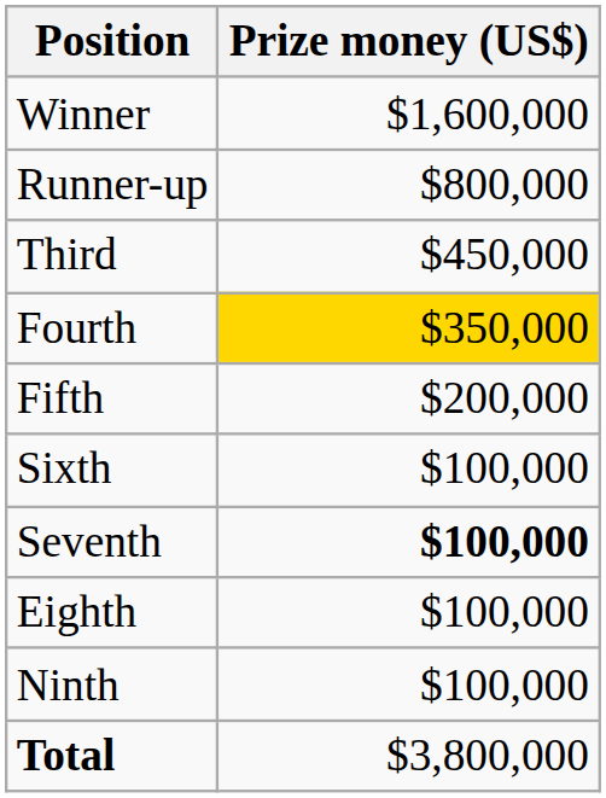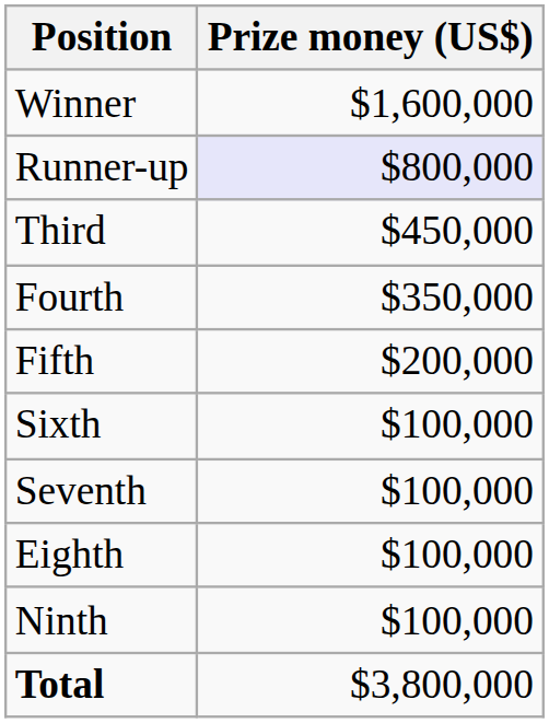 <table class="wikitable">
 <tr>
 <th>Position</th>
 <th>Prize money (US$)</th>
 </tr>
 <tr>
 <td>Winner</td>
 <td align="right">$1,600,000</td>
 </tr>
 <tr>
 <td>Runner-up</td>
-<td align="right">$800,000</td>
+<td align="right" style="background: lavender;">$800,000</td>
 </tr>
 <tr>
 <td>Third</td>
 <td align="right">$450,000</td>
 </tr>
 <tr>
 <td>Fourth</td>
-<td align="right" style="background: gold;">$350,000</td>
+<td align="right">$350,000</td>
 </tr>
 <tr>
 <td>Fifth</td>
 <td align="right">$200,000</td>
 </tr>
 <tr>
 <td>Sixth</td>
 <td align="right">$100,000</td>
 </tr>
 <tr>
 <td>Seventh</td>
-<td align="right"><strong>$100,000</strong></td>
+<td align="right">$100,000</td>
 </tr>
 <tr>
 <td>Eighth</td>
 <td align="right">$100,000</td>
 </tr>
 <tr>
 <td>Ninth</td>
 <td align="right">$100,000</td>
 </tr>
 <tr>
 <td><strong>Total</strong></td>
 <td align="right">$3,800,000</td>
 </tr>
 </table>
